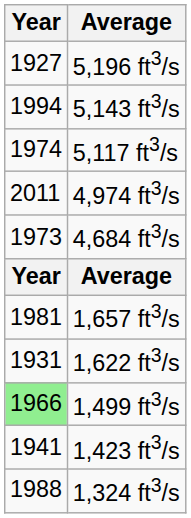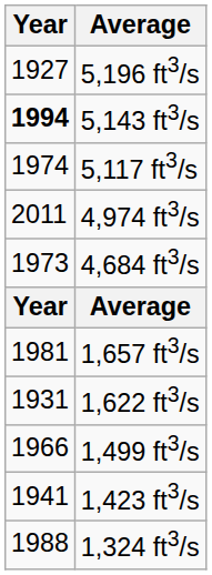 <table class="wikitable floatright">
 <tr>
 <th>Year</th>
 <th>Average</th>
 </tr>
 <tr>
 <td>1927</td>
 <td>5,196 ft<sup>3</sup>/s</td>
 </tr>
 <tr>
-<td>1994</td>
+<td><strong>1994</strong></td>
 <td>5,143 ft<sup>3</sup>/s</td>
 </tr>
 <tr>
 <td>1974</td>
 <td>5,117 ft<sup>3</sup>/s</td>
 </tr>
 <tr>
 <td>2011</td>
 <td>4,974 ft<sup>3</sup>/s</td>
 </tr>
 <tr>
 <td>1973</td>
 <td>4,684 ft<sup>3</sup>/s</td>
 </tr>
 <tr>
 <th>Year</th>
 <th>Average</th>
 </tr>
 <tr>
 <td>1981</td>
 <td>1,657 ft<sup>3</sup>/s</td>
 </tr>
 <tr>
 <td>1931</td>
 <td>1,622 ft<sup>3</sup>/s</td>
 </tr>
 <tr>
-<td style="background: lightgreen;">1966</td>
+<td>1966</td>
 <td>1,499 ft<sup>3</sup>/s</td>
 </tr>
 <tr>
 <td>1941</td>
 <td>1,423 ft<sup>3</sup>/s</td>
 </tr>
 <tr>
 <td>1988</td>
 <td>1,324 ft<sup>3</sup>/s</td>
 </tr>
 </table>
